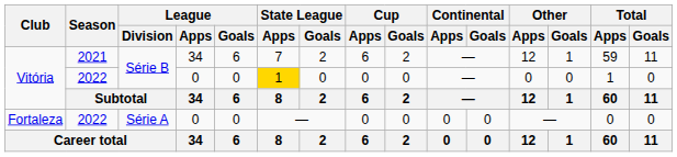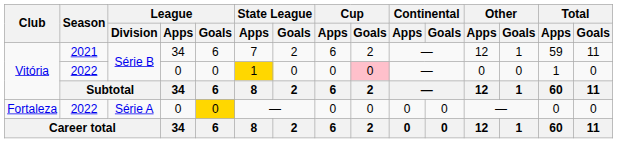 <table class="wikitable" style="text-align: center;">
 <tr>
 <th rowspan="2">Club</th>
 <th rowspan="2">Season</th>
 <th colspan="3">League</th>
 <th colspan="2">State League</th>
 <th colspan="2">Cup</th>
 <th colspan="2">Continental</th>
 <th colspan="2">Other</th>
 <th colspan="2">Total</th>
 </tr>
 <tr>
 <th>Division</th>
 <th>Apps</th>
 <th>Goals</th>
 <th>Apps</th>
 <th>Goals</th>
 <th>Apps</th>
 <th>Goals</th>
 <th>Apps</th>
 <th>Goals</th>
 <th>Apps</th>
 <th>Goals</th>
 <th>Apps</th>
 <th>Goals</th>
 </tr>
 <tr>
 <td rowspan="3" valign="center"><a href='#'>Vitória</a></td>
 <td><a href='#'>2021</a></td>
 <td rowspan="2"><a href='#'>Série B</a></td>
 <td>34</td>
 <td>6</td>
 <td>7</td>
 <td>2</td>
 <td>6</td>
 <td>2</td>
 <td colspan="2">—</td>
 <td>12</td>
 <td>1</td>
 <td>59</td>
 <td>11</td>
 </tr>
 <tr>
 <td><a href='#'>2022</a></td>
 <td>0</td>
 <td>0</td>
 <td style="background: gold;">1</td>
 <td>0</td>
 <td>0</td>
-<td>0</td>
+<td style="background: pink;">0</td>
 <td colspan="2">—</td>
 <td>0</td>
 <td>0</td>
 <td>1</td>
 <td>0</td>
 </tr>
 <tr>
 <th colspan="2">Subtotal</th>
 <th>34</th>
 <th>6</th>
 <th>8</th>
 <th>2</th>
 <th>6</th>
 <th>2</th>
 <th colspan="2">—</th>
 <th>12</th>
 <th>1</th>
 <th>60</th>
 <th>11</th>
 </tr>
 <tr>
 <td><a href='#'>Fortaleza</a></td>
 <td><a href='#'>2022</a></td>
 <td><a href='#'>Série A</a></td>
 <td>0</td>
-<td>0</td>
+<td style="background: gold;">0</td>
 <td colspan="2">—</td>
 <td>0</td>
 <td>0</td>
 <td>0</td>
 <td>0</td>
 <td colspan="2">—</td>
 <td>0</td>
 <td>0</td>
 </tr>
 <tr>
 <th colspan="3"><strong>Career total</strong></th>
 <th>34</th>
 <th>6</th>
 <th>8</th>
 <th>2</th>
 <th>6</th>
 <th>2</th>
 <th>0</th>
 <th>0</th>
 <th>12</th>
 <th>1</th>
 <th>60</th>
 <th>11</th>
 </tr>
 </table>
